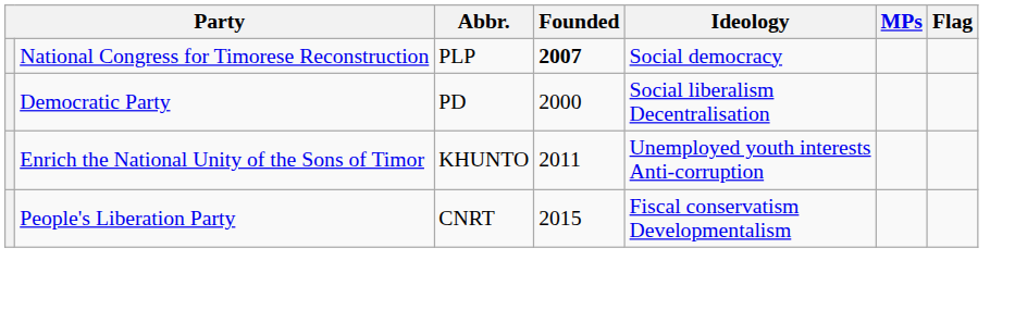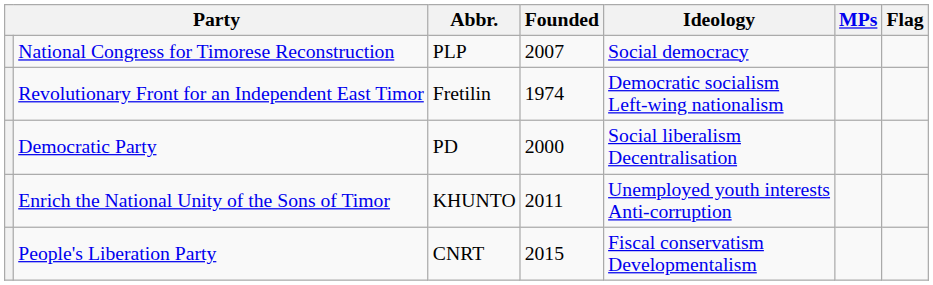 <table class="wikitable sortable">
 <tr>
 <th colspan=2>Party</th>
 <th>Abbr.</th>
 <th>Founded</th>
 <th>Ideology</th>
 <th><a href='#'>MPs</a></th>
 <th>Flag</th>
 </tr>
 <tr>
 <th style="background-color: "></th>
 <td><a href='#'>National Congress for Timorese Reconstruction</a><br></td>
 <td>PLP</td>
-<td><strong>2007</strong></td>
+<td>2007</td>
 <td><a href='#'>Social democracy</a></td>
+<td></td>
+<td></td>
+</tr>
+<tr>
+<th style="background-color: "></th>
+<td><a href='#'>Revolutionary Front for an Independent East Timor</a><br></td>
+<td>Fretilin</td>
+<td>1974</td>
+<td><a href='#'>Democratic socialism</a><br><a href='#'>Left-wing nationalism</a></td>
 <td></td>
 <td></td>
 </tr>
 <tr>
 <th style="background-color: "></th>
 <td><a href='#'>Democratic Party</a><br></td>
 <td>PD</td>
 <td>2000</td>
 <td><a href='#'>Social liberalism</a><br><a href='#'>Decentralisation</a></td>
 <td></td>
 <td></td>
 </tr>
 <tr>
 <th style="background-color: "></th>
 <td><a href='#'>Enrich the National Unity of the Sons of Timor</a><br></td>
 <td>KHUNTO</td>
 <td>2011</td>
 <td><a href='#'>Unemployed youth interests</a><br><a href='#'>Anti-corruption</a></td>
 <td></td>
 <td></td>
 </tr>
 <tr>
 <th style="background-color: "></th>
 <td><a href='#'>People's Liberation Party</a><br></td>
 <td>CNRT</td>
 <td>2015</td>
 <td><a href='#'>Fiscal conservatism</a><br><a href='#'>Developmentalism</a></td>
 <td></td>
 <td></td>
 </tr>
 </table>
